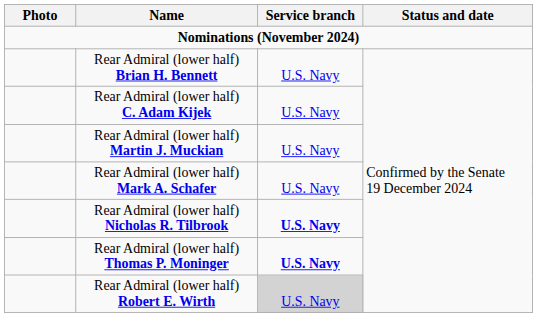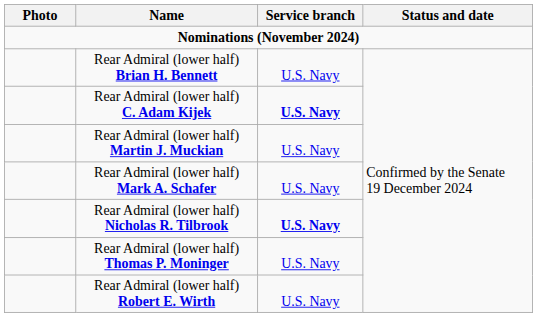 <table class="wikitable sortable">
 <tr>
 <th width="75" class="unsortable" style="text-align:center">Photo</th>
 <th width="205" style="text-align:center">Name</th>
 <th width="115" class="unsortable" style="text-align:center">Service branch</th>
 <th width="190" class="unsortable" style="text-align:center">Status and date</th>
 </tr>
 <tr>
 <td colspan="4" style="text-align:center"><strong>Nominations (November 2024)</strong></td>
 </tr>
 <tr>
 <td></td>
 <td data-sort-value="bennett" style="text-align:center">Rear Admiral (lower half)<br><strong><a href='#'>Brian H. Bennett</a></strong></td>
 <td style="text-align:center"><br><a href='#'>U.S. Navy</a></td>
 <td rowspan="7">Confirmed by the Senate<br>19 December 2024</td>
 </tr>
 <tr>
 <td></td>
 <td data-sort-value="kijek" style="text-align:center">Rear Admiral (lower half)<br><strong><a href='#'>C. Adam Kijek</a></strong></td>
-<td style="text-align:center"><br><a href='#'>U.S. Navy</a></td>
+<td style="text-align:center"><strong><br><a href='#'>U.S. Navy</a></strong></td>
 </tr>
 <tr>
 <td></td>
 <td data-sort-value="muckian" style="text-align:center">Rear Admiral (lower half)<br><strong><a href='#'>Martin J. Muckian</a></strong></td>
 <td style="text-align:center"><br><a href='#'>U.S. Navy</a></td>
 </tr>
 <tr>
 <td></td>
 <td data-sort-value="schafer" style="text-align:center">Rear Admiral (lower half)<br><strong><a href='#'>Mark A. Schafer</a></strong></td>
 <td style="text-align:center"><br><a href='#'>U.S. Navy</a></td>
 </tr>
 <tr>
 <td></td>
 <td data-sort-value="tilbrook" style="text-align:center">Rear Admiral (lower half)<br><strong><a href='#'>Nicholas R. Tilbrook</a></strong></td>
 <td style="text-align:center"><strong><br><a href='#'>U.S. Navy</a></strong></td>
 </tr>
 <tr>
 <td></td>
 <td data-sort-value="moninger" style="text-align:center">Rear Admiral (lower half)<br><strong><a href='#'>Thomas P. Moninger</a></strong></td>
-<td style="text-align:center"><strong><br><a href='#'>U.S. Navy</a></strong></td>
+<td style="text-align:center"><br><a href='#'>U.S. Navy</a></td>
 </tr>
 <tr>
 <td></td>
 <td data-sort-value="wirth" style="text-align:center">Rear Admiral (lower half)<br><strong><a href='#'>Robert E. Wirth</a></strong></td>
-<td style="background: lightgrey; text-align:center"><br><a href='#'>U.S. Navy</a></td>
+<td style="text-align:center"><br><a href='#'>U.S. Navy</a></td>
 </tr>
 </table>
